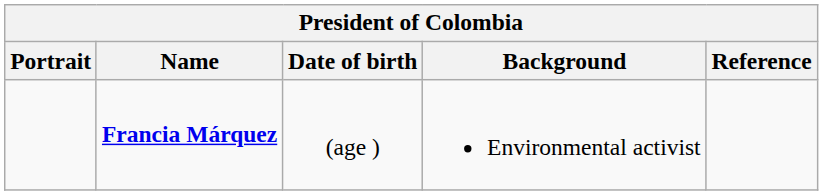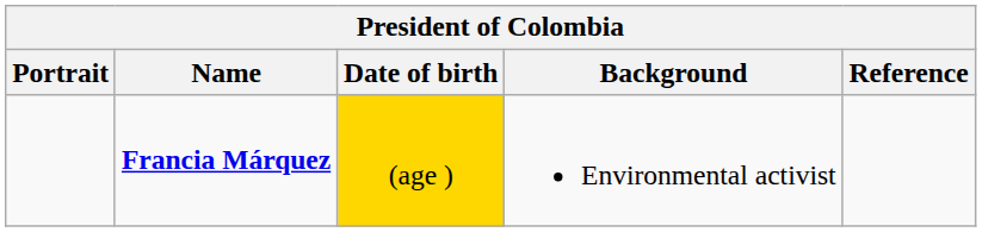 <table class="wikitable collapsible" style="text-align:center;">
 <tr>
 <th colspan="5">President of Colombia</th>
 </tr>
 <tr>
 <th>Portrait</th>
 <th>Name</th>
 <th>Date of birth</th>
 <th>Background</th>
 <th>Reference</th>
 </tr>
 <tr>
 <td></td>
 <td><strong><a href='#'>Francia Márquez</a></strong></td>
-<td><br>(age )</td>
+<td style="background: gold;"><br>(age )</td>
 <td><br><ul><li>Environmental activist</li></ul></td>
 <td></td>
 </tr>
 </table>
